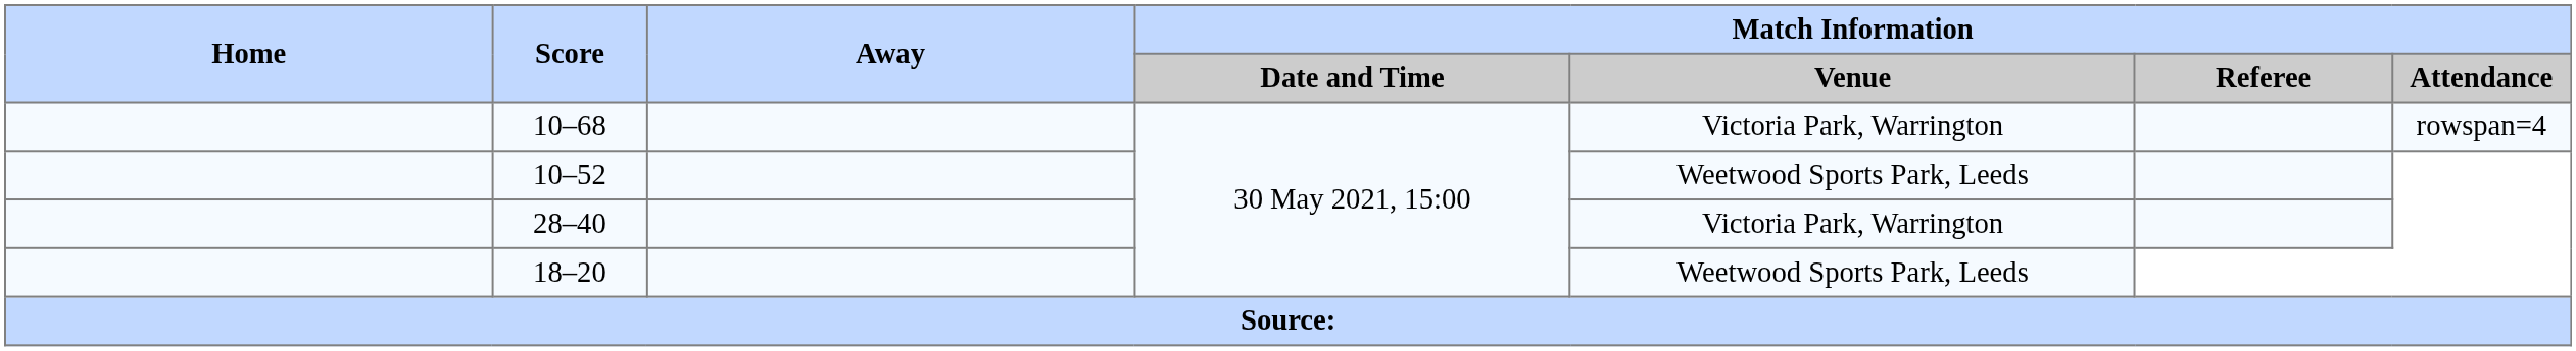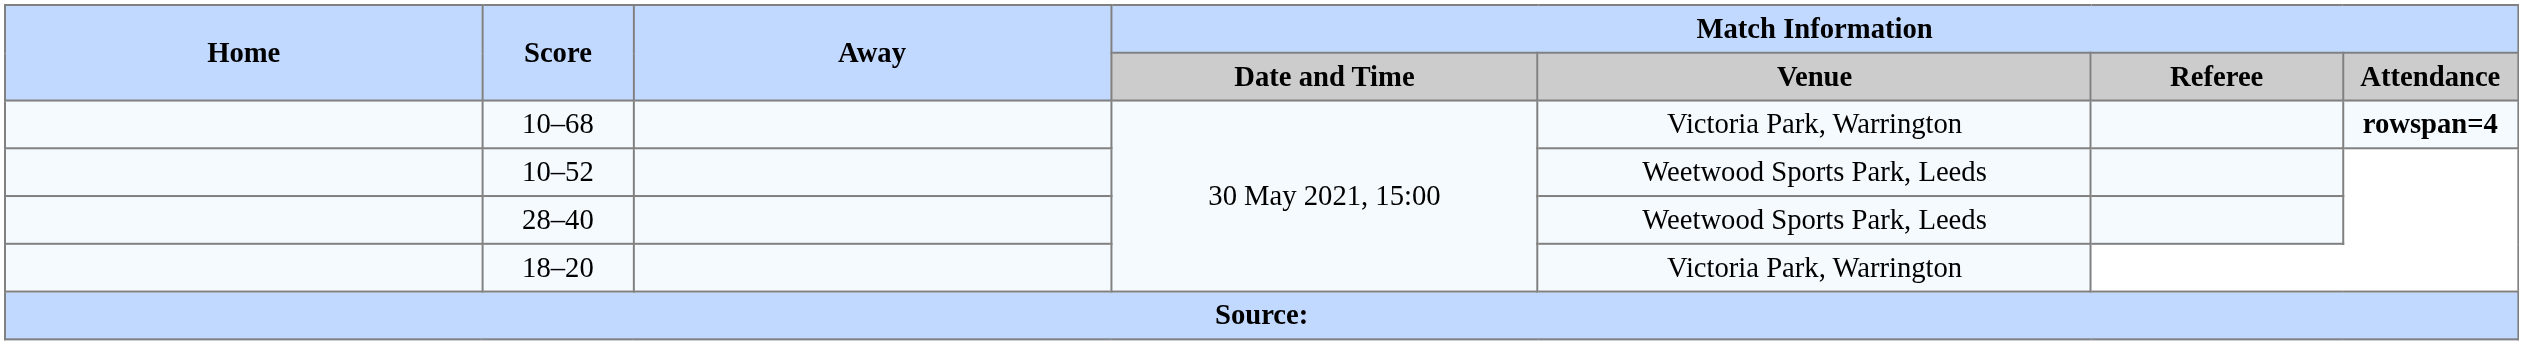 <table border=1 style="border-collapse:collapse; font-size:90%; text-align:center;" cellpadding=3 cellspacing=0 width=100%>
 <tr style="background:#C1D8ff;">
 <th scope="col" rowspan=2 width=19%>Home</th>
 <th scope="col" rowspan=2 width=6%>Score</th>
 <th scope="col" rowspan=2 width=19%>Away</th>
 <th colspan=4>Match Information</th>
 </tr>
 <tr style="background:#CCCCCC;">
 <th scope="col" width=17%>Date and Time</th>
 <th scope="col" width=22%>Venue</th>
 <th scope="col" width=10%>Referee</th>
 <th scope="col" width=7%>Attendance</th>
 </tr>
 <tr style="background:#F5FAFF;">
 <td></td>
 <td>10–68</td>
 <td></td>
 <td Rowspan=4>30 May 2021, 15:00</td>
 <td>Victoria Park, Warrington</td>
 <td></td>
-<td>rowspan=4</td>
+<td><strong>rowspan=4</strong></td>
 </tr>
 <tr style="background:#F5FAFF;">
 <td></td>
 <td>10–52</td>
 <td></td>
 <td>Weetwood Sports Park, Leeds</td>
 <td></td>
 </tr>
 <tr style="background:#F5FAFF;">
 <td></td>
 <td>28–40</td>
 <td></td>
-<td>Victoria Park, Warrington</td>
+<td>Weetwood Sports Park, Leeds</td>
 <td></td>
 </tr>
 <tr style="background:#F5FAFF;">
 <td></td>
 <td>18–20</td>
 <td></td>
-<td>Weetwood Sports Park, Leeds</td>
+<td>Victoria Park, Warrington</td>
 </tr>
 <tr style="background:#c1d8ff;">
 <th colspan=7>Source:</th>
 </tr>
 </table>
